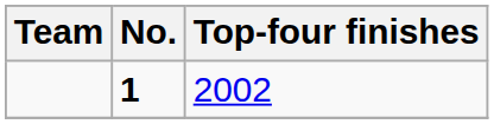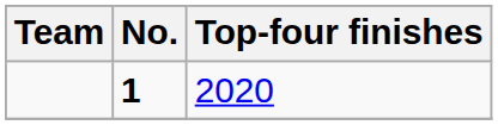 <table class="wikitable" style="text-align: left;">
 <tr>
 <th>Team</th>
 <th width=4>No.</th>
 <th>Top-four finishes</th>
 </tr>
 <tr>
 <td></td>
 <td><strong>1</strong></td>
-<td><a href='#'>2002</a></td>
+<td><a href='#'>2020</a></td>
 </tr>
 <tr>
 </tr>
 </table>
